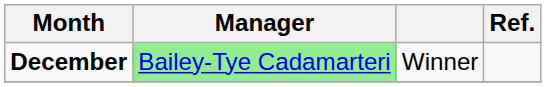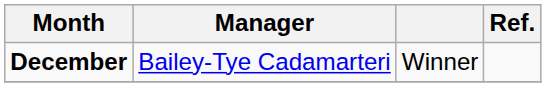 <table class="wikitable" style="text-align:left">
 <tr>
 <th>Month</th>
 <th>Manager</th>
 <th></th>
 <th>Ref.</th>
 </tr>
 <tr>
 <td align="center"><strong>December</strong></td>
-<td style="background: lightgreen;"> <a href='#'>Bailey-Tye Cadamarteri</a></td>
+<td> <a href='#'>Bailey-Tye Cadamarteri</a></td>
 <td>Winner</td>
 <td align="center"></td>
 </tr>
 <tr>
 </tr>
 </table>
